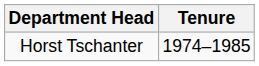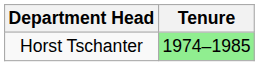 <table class="wikitable" style="text-align: center;">
 <tr>
 <th>Department Head</th>
 <th>Tenure</th>
 </tr>
 <tr>
 <td>Horst Tschanter</td>
-<td>1974–1985</td>
+<td style="background: lightgreen;">1974–1985</td>
 </tr>
 </table>
